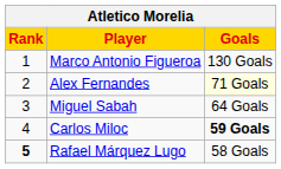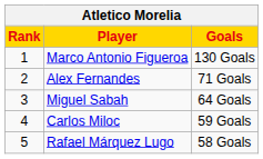 <table class="wikitable" style="text-align:center;margin-left:1em">
 <tr>
 <th colspan="5">Atletico Morelia</th>
 </tr>
 <tr>
 <th style=background-color:#FFD700;color:#E30013>Rank</th>
 <th style=background-color:#FFD700;color:#E30013>Player</th>
 <th style=background-color:#FFD700;color:#E30013>Goals</th>
 </tr>
 <tr>
 <td>1</td>
 <td style="text-align:left;"> <a href='#'>Marco Antonio Figueroa</a></td>
 <td>130 Goals</td>
 </tr>
 <tr>
 <td>2</td>
 <td style="text-align:left;"> <a href='#'>Alex Fernandes</a></td>
-<td style="background: lightyellow;">71 Goals</td>
+<td>71 Goals</td>
 </tr>
 <tr>
 <td>3</td>
 <td style="text-align:left;"> <a href='#'>Miguel Sabah</a></td>
 <td>64 Goals</td>
 </tr>
 <tr>
 <td>4</td>
 <td style="text-align:left;"> <a href='#'>Carlos Miloc</a></td>
-<td><strong>59 Goals</strong></td>
+<td>59 Goals</td>
 </tr>
 <tr>
-<td><strong>5</strong></td>
+<td>5</td>
 <td style="text-align:left;"> <a href='#'>Rafael Márquez Lugo</a></td>
 <td>58 Goals</td>
 </tr>
 </table>
